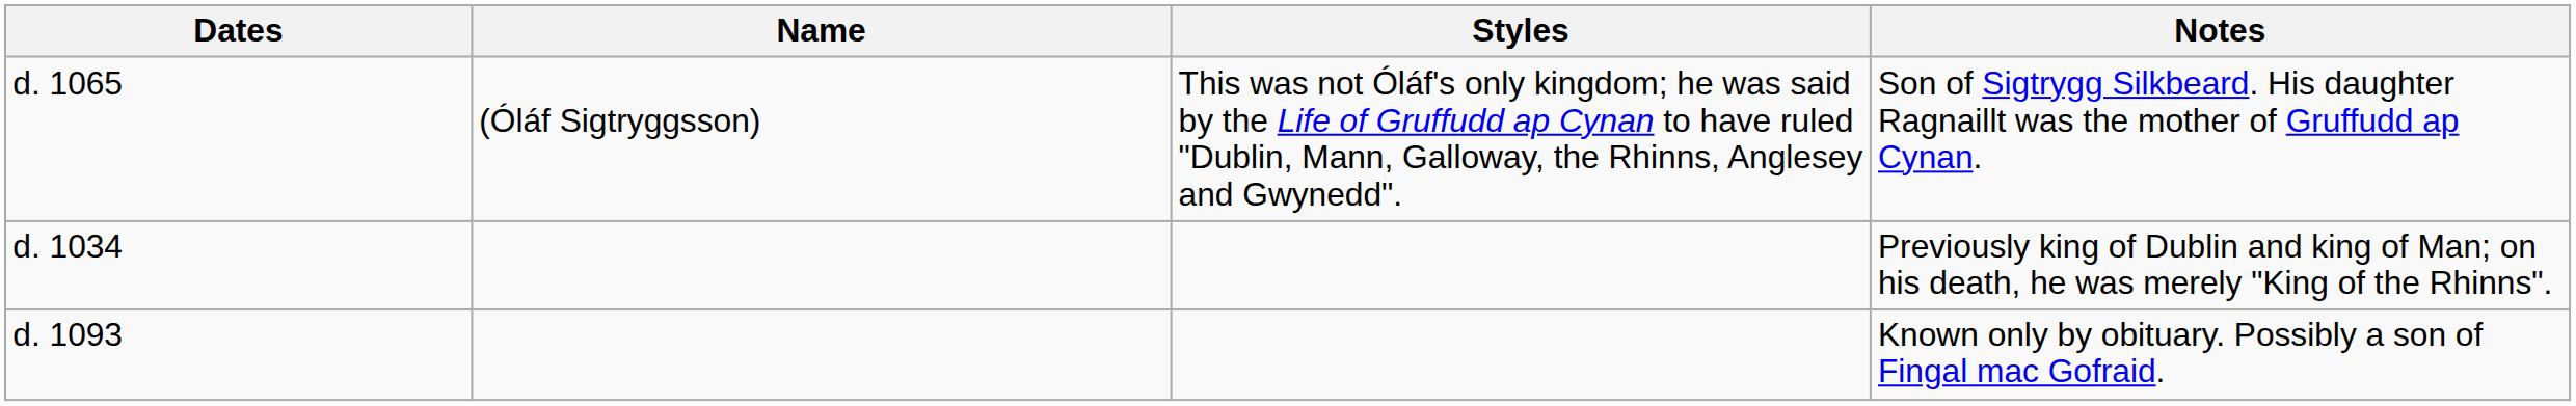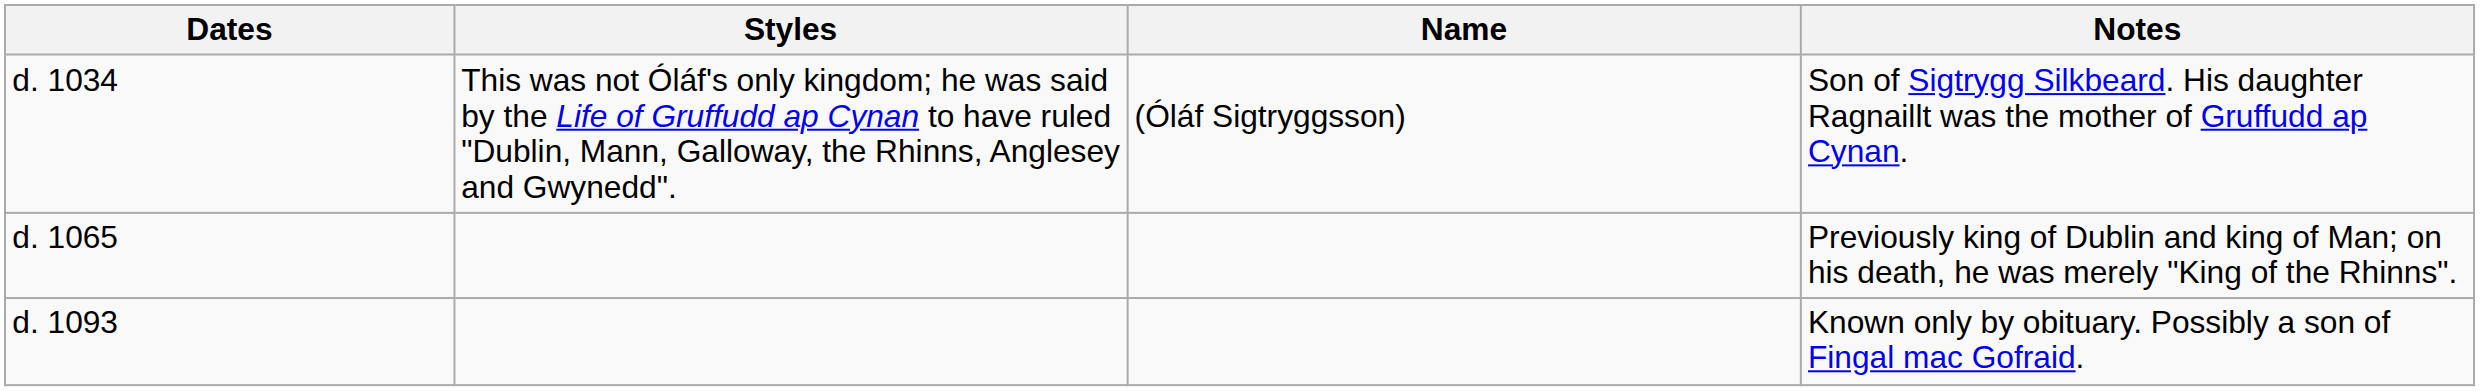 <table class="wikitable">
 <tr>
 <th width="10%">Dates</th>
+<th width="15%">Styles</th>
 <th width="15%">Name</th>
-<th width="15%">Styles</th>
 <th width="15%">Notes</th>
 </tr>
 <tr valign=top>
-<td>d. 1065</td>
+<td>d. 1034</td>
+<td>This was not Óláf's only kingdom; he was said by the <em><a href='#'>Life of Gruffudd ap Cynan</a></em> to have ruled "Dublin, Mann, Galloway, the Rhinns, Anglesey and Gwynedd".</td>
 <td><strong></strong><br>(Óláf Sigtryggsson)</td>
-<td>This was not Óláf's only kingdom; he was said by the <em><a href='#'>Life of Gruffudd ap Cynan</a></em> to have ruled "Dublin, Mann, Galloway, the Rhinns, Anglesey and Gwynedd".</td>
 <td>Son of <a href='#'>Sigtrygg Silkbeard</a>. His daughter Ragnaillt was the mother of <a href='#'>Gruffudd ap Cynan</a>.</td>
 </tr>
 <tr valign=top>
-<td>d. 1034</td>
+<td>d. 1065</td>
+<td></td>
 <td><strong></strong></td>
-<td></td>
 <td>Previously king of Dublin and king of Man; on his death, he was merely "King of the Rhinns".</td>
 </tr>
 <tr valign=top>
 <td>d. 1093</td>
+<td></td>
 <td><strong></strong></td>
-<td></td>
 <td>Known only by obituary. Possibly a son of <a href='#'>Fingal mac Gofraid</a>.</td>
 </tr>
 </table>
